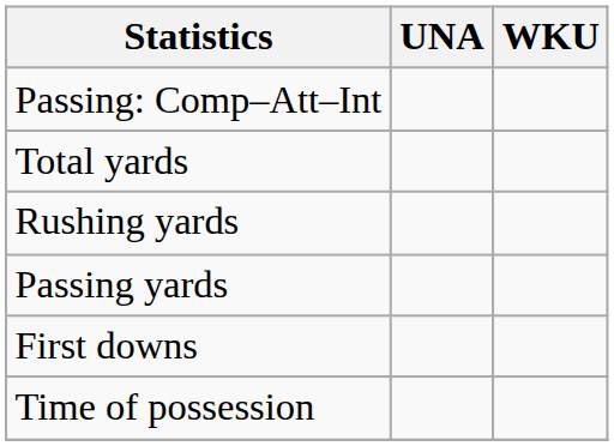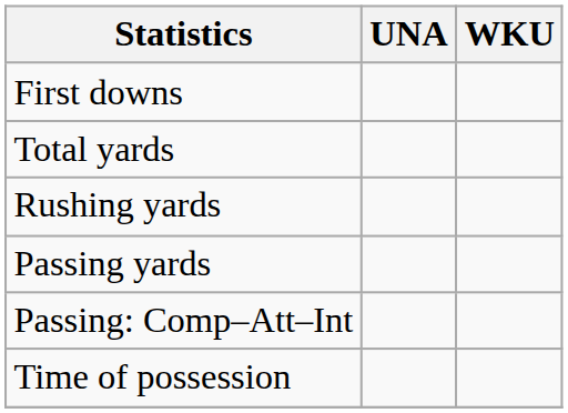 <table class="wikitable" style="float: left;">
 <tr>
 <th>Statistics</th>
 <th>UNA</th>
 <th>WKU</th>
 </tr>
 <tr>
-<td>Passing: Comp–Att–Int</td>
+<td>First downs</td>
 <td></td>
 <td></td>
 </tr>
 <tr>
 <td>Total yards</td>
 <td></td>
 <td></td>
 </tr>
 <tr>
 <td>Rushing yards</td>
 <td></td>
 <td></td>
 </tr>
 <tr>
 <td>Passing yards</td>
 <td></td>
 <td></td>
 </tr>
 <tr>
-<td>First downs</td>
+<td>Passing: Comp–Att–Int</td>
 <td></td>
 <td></td>
 </tr>
 <tr>
 <td>Time of possession</td>
 <td></td>
 <td></td>
 </tr>
 <tr>
 </tr>
 </table>
